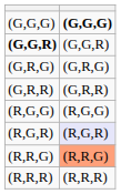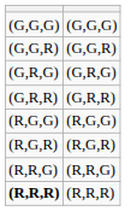 <table class="wikitable">
 <tr>
 <th></th>
 <th></th>
 </tr>
 <tr>
 <td>(G,G,G)</td>
-<td><strong>(G,G,G)</strong></td>
+<td>(G,G,G)</td>
 </tr>
 <tr>
-<td><strong>(G,G,R)</strong></td>
+<td>(G,G,R)</td>
 <td>(G,G,R)</td>
 </tr>
 <tr>
 <td>(G,R,G)</td>
 <td>(G,R,G)</td>
 </tr>
 <tr>
 <td>(G,R,R)</td>
 <td>(G,R,R)</td>
 </tr>
 <tr>
 <td>(R,G,G)</td>
 <td>(R,G,G)</td>
 </tr>
 <tr>
 <td>(R,G,R)</td>
-<td style="background: lavender;">(R,G,R)</td>
+<td>(R,G,R)</td>
 </tr>
 <tr>
 <td>(R,R,G)</td>
-<td style="background: lightsalmon;">(R,R,G)</td>
+<td>(R,R,G)</td>
 </tr>
 <tr>
-<td>(R,R,R)</td>
+<td><strong>(R,R,R)</strong></td>
 <td>(R,R,R)</td>
 </tr>
 </table>
